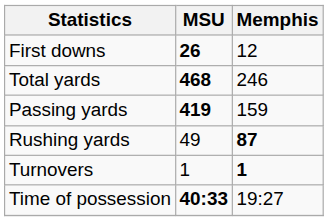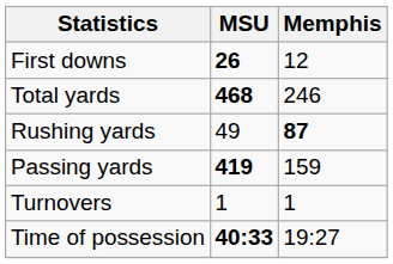 <table class="wikitable" style="float: left;">
 <tr>
 <th>Statistics</th>
 <th>MSU</th>
 <th>Memphis</th>
 </tr>
 <tr>
 <td>First downs</td>
 <td><strong>26</strong></td>
 <td>12</td>
 </tr>
 <tr>
 <td>Total yards</td>
 <td><strong>468</strong></td>
 <td>246</td>
 </tr>
 <tr>
+<td>Rushing yards</td>
+<td>49</td>
+<td><strong>87</strong></td>
+</tr>
+<tr>
 <td>Passing yards</td>
 <td><strong>419</strong></td>
 <td>159</td>
 </tr>
 <tr>
-<td>Rushing yards</td>
-<td>49</td>
-<td><strong>87</strong></td>
-</tr>
-<tr>
 <td>Turnovers</td>
 <td>1</td>
-<td><strong>1</strong></td>
+<td>1</td>
 </tr>
 <tr>
 <td>Time of possession</td>
 <td><strong>40:33</strong></td>
 <td>19:27</td>
 </tr>
 <tr>
 </tr>
 </table>
